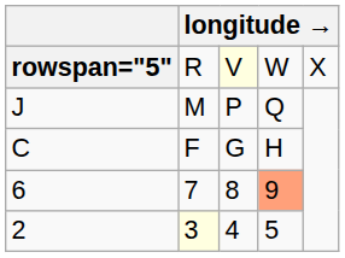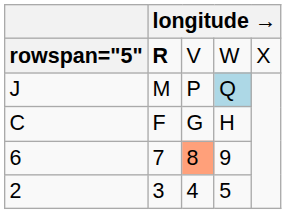 <table class="wikitable">
 <tr>
 <th></th>
 <th colspan="4">longitude →</th>
 </tr>
 <tr>
 <th>rowspan="5" </th>
-<td>R</td>
-<td style="background: lightyellow;">V</td>
+<td><strong>R</strong></td>
+<td>V</td>
 <td>W</td>
 <td>X</td>
 </tr>
 <tr>
 <td>J</td>
 <td>M</td>
 <td>P</td>
-<td>Q</td>
+<td style="background: lightblue;">Q</td>
 </tr>
 <tr>
 <td>C</td>
 <td>F</td>
 <td>G</td>
 <td>H</td>
 </tr>
 <tr>
 <td>6</td>
 <td>7</td>
-<td>8</td>
-<td style="background: lightsalmon;">9</td>
+<td style="background: lightsalmon;">8</td>
+<td>9</td>
 </tr>
 <tr>
 <td>2</td>
-<td style="background: lightyellow;">3</td>
+<td>3</td>
 <td>4</td>
 <td>5</td>
 </tr>
 </table>
